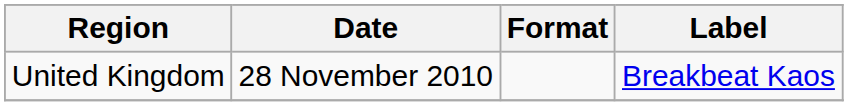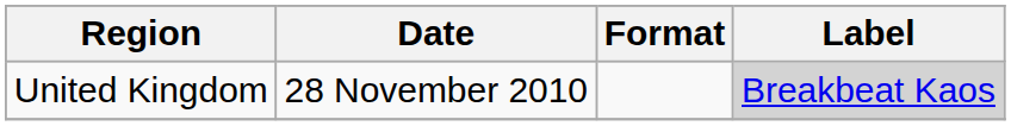 <table class=wikitable>
 <tr>
 <th>Region</th>
 <th>Date</th>
 <th>Format</th>
 <th>Label</th>
 </tr>
 <tr>
 <td>United Kingdom</td>
 <td>28 November 2010</td>
 <td></td>
-<td><a href='#'>Breakbeat Kaos</a></td>
+<td style="background: lightgrey;"><a href='#'>Breakbeat Kaos</a></td>
 </tr>
 <tr>
 </tr>
 </table>
